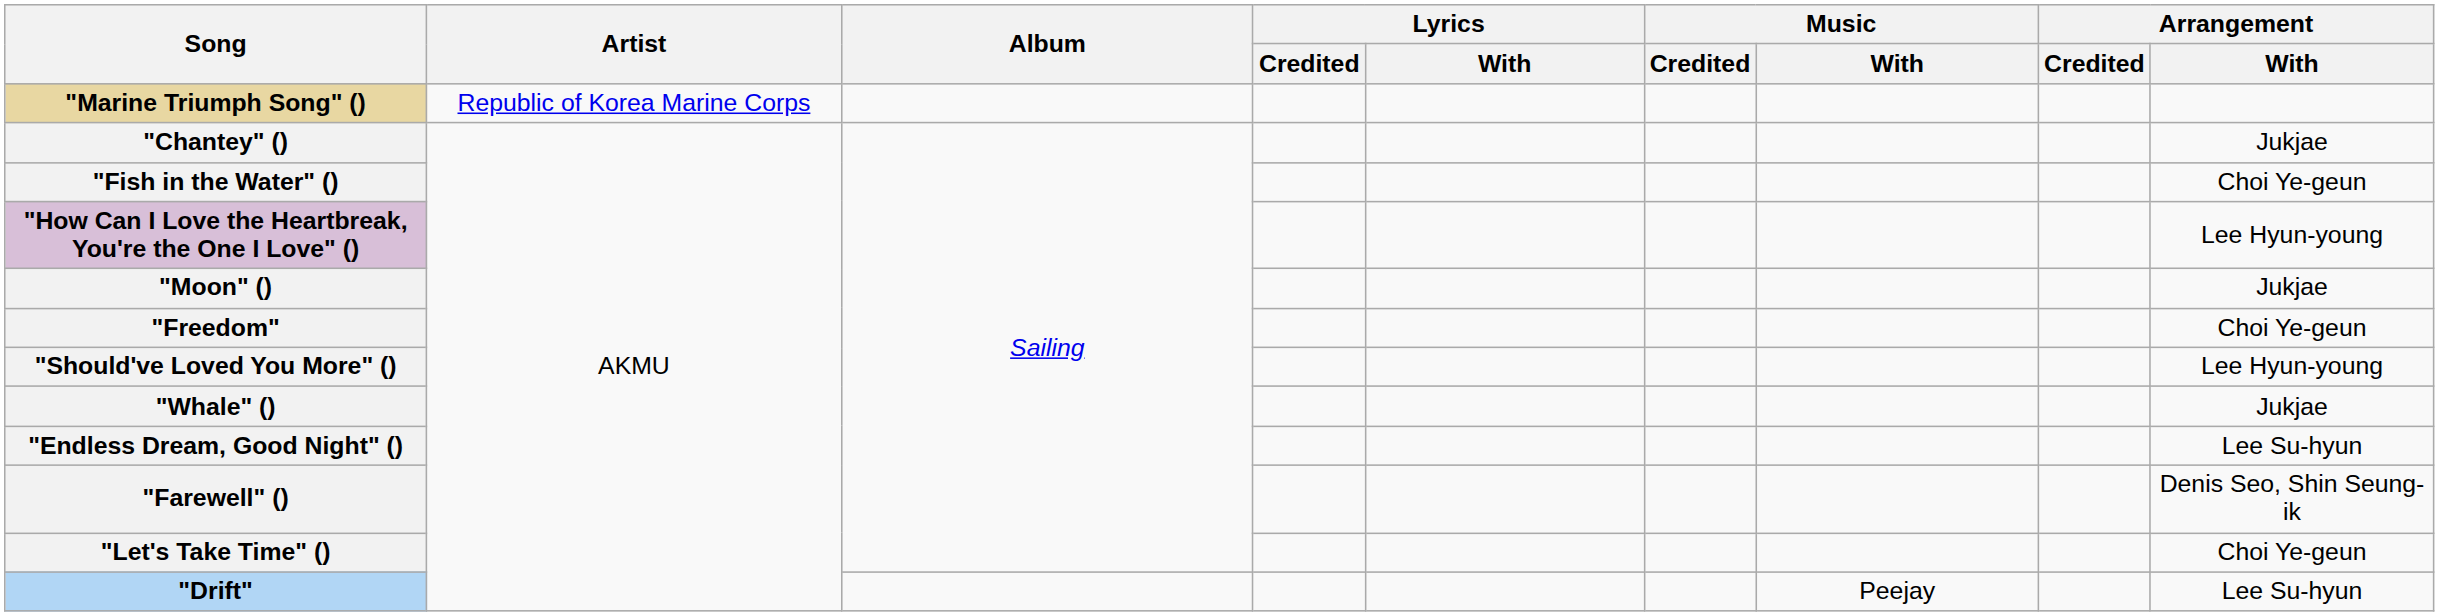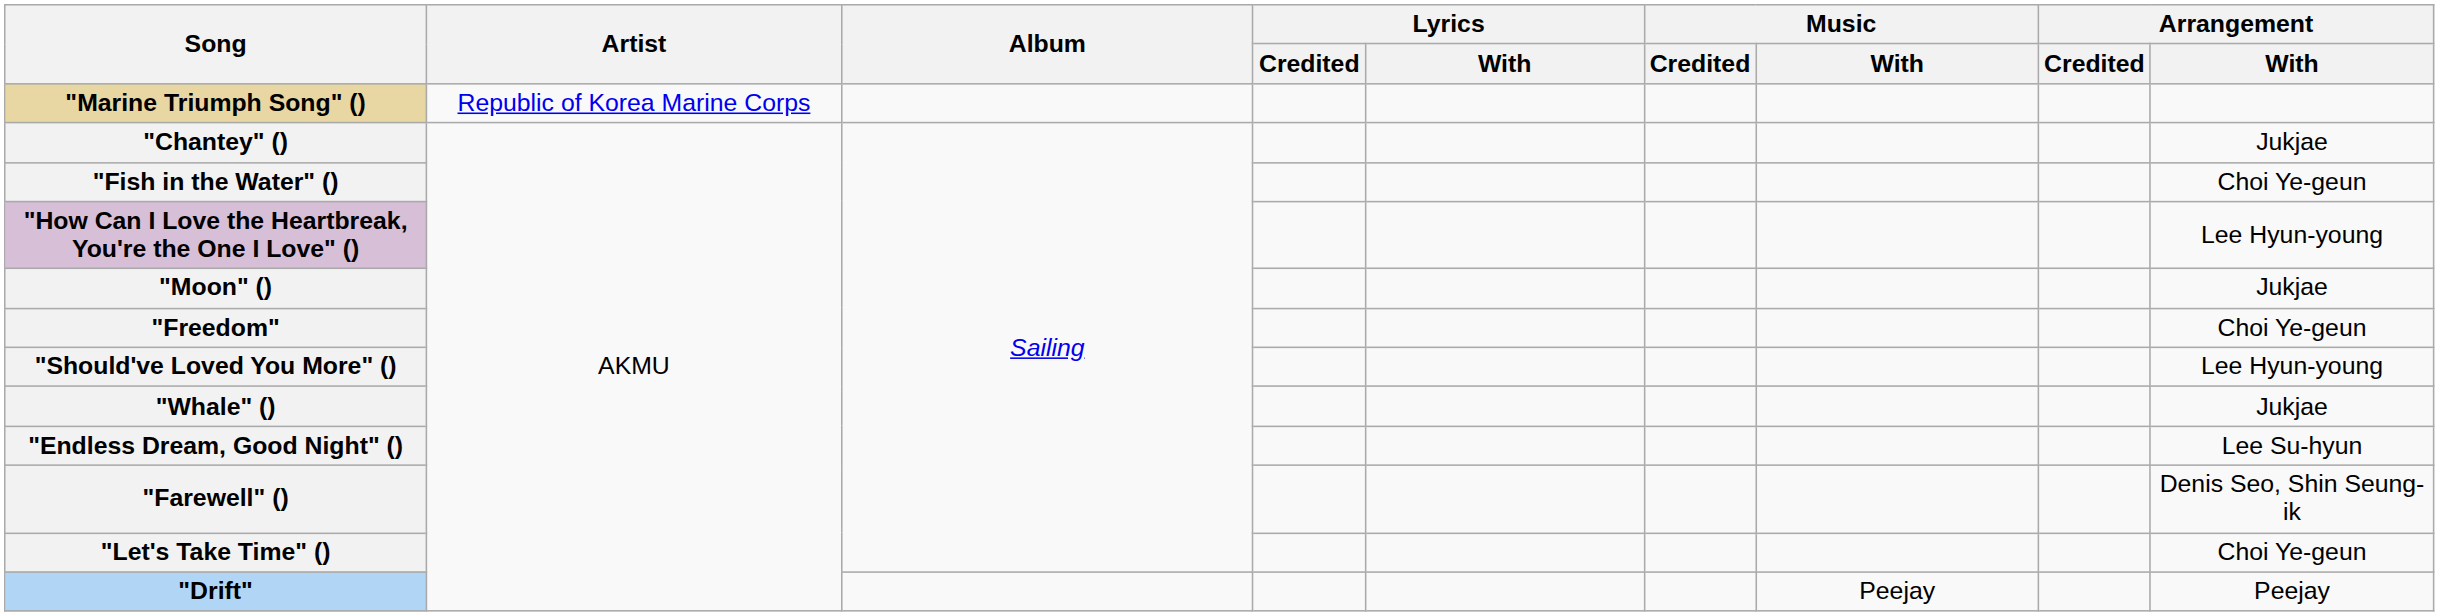 <table class="wikitable plainrowheaders" style="text-align:center;">
 <tr>
 <th rowspan="2" width="300px">Song</th>
 <th rowspan="2" width="300px">Artist</th>
 <th rowspan="2" width="300px">Album</th>
 <th colspan="2">Lyrics</th>
 <th colspan="2">Music</th>
 <th colspan="2">Arrangement</th>
 </tr>
 <tr>
 <th width="50px">Credited</th>
 <th width="200px">With</th>
 <th width="50px">Credited</th>
 <th width="200px">With</th>
 <th width="50px">Credited</th>
 <th width="200px">With</th>
 </tr>
 <tr>
 <th scope="row" style="background-color:#e8d7a2">"Marine Triumph Song" () <br> </th>
 <td><a href='#'>Republic of Korea Marine Corps</a></td>
 <td></td>
 <td></td>
 <td></td>
 <td></td>
 <td></td>
 <td></td>
 <td></td>
 </tr>
 <tr>
 <th scope="row">"Chantey" ()</th>
 <td rowspan="11">AKMU</td>
 <td rowspan="10"><em><a href='#'>Sailing</a></em></td>
 <td></td>
 <td></td>
 <td></td>
 <td></td>
 <td></td>
 <td>Jukjae</td>
 </tr>
 <tr>
 <th scope="row">"Fish in the Water" ()</th>
 <td></td>
 <td></td>
 <td></td>
 <td></td>
 <td></td>
 <td>Choi Ye-geun</td>
 </tr>
 <tr>
 <th scope="row" style="background-color:#D8BFD8">"How Can I Love the Heartbreak, You're the One I Love" () </th>
 <td></td>
 <td></td>
 <td></td>
 <td></td>
 <td></td>
 <td>Lee Hyun-young</td>
 </tr>
 <tr>
 <th scope="row">"Moon" ()</th>
 <td></td>
 <td></td>
 <td></td>
 <td></td>
 <td></td>
 <td>Jukjae</td>
 </tr>
 <tr>
 <th scope="row">"Freedom"</th>
 <td></td>
 <td></td>
 <td></td>
 <td></td>
 <td></td>
 <td>Choi Ye-geun</td>
 </tr>
 <tr>
 <th scope="row">"Should've Loved You More" ()</th>
 <td></td>
 <td></td>
 <td></td>
 <td></td>
 <td></td>
 <td>Lee Hyun-young</td>
 </tr>
 <tr>
 <th scope="row">"Whale" ()</th>
 <td></td>
 <td></td>
 <td></td>
 <td></td>
 <td></td>
 <td>Jukjae</td>
 </tr>
 <tr>
 <th scope="row">"Endless Dream, Good Night" ()</th>
 <td></td>
 <td></td>
 <td></td>
 <td></td>
 <td></td>
 <td>Lee Su-hyun</td>
 </tr>
 <tr>
 <th scope="row">"Farewell" ()</th>
 <td></td>
 <td></td>
 <td></td>
 <td></td>
 <td></td>
 <td>Denis Seo, Shin Seung-ik</td>
 </tr>
 <tr>
 <th scope="row">"Let's Take Time" ()</th>
 <td></td>
 <td></td>
 <td></td>
 <td></td>
 <td></td>
 <td>Choi Ye-geun</td>
 </tr>
 <tr>
 <th scope="row" style="background-color:#b1d6f5">"Drift" <br> </th>
 <td></td>
 <td></td>
 <td></td>
 <td></td>
 <td>Peejay</td>
 <td></td>
-<td>Lee Su-hyun</td>
+<td>Peejay</td>
 </tr>
 </table>
